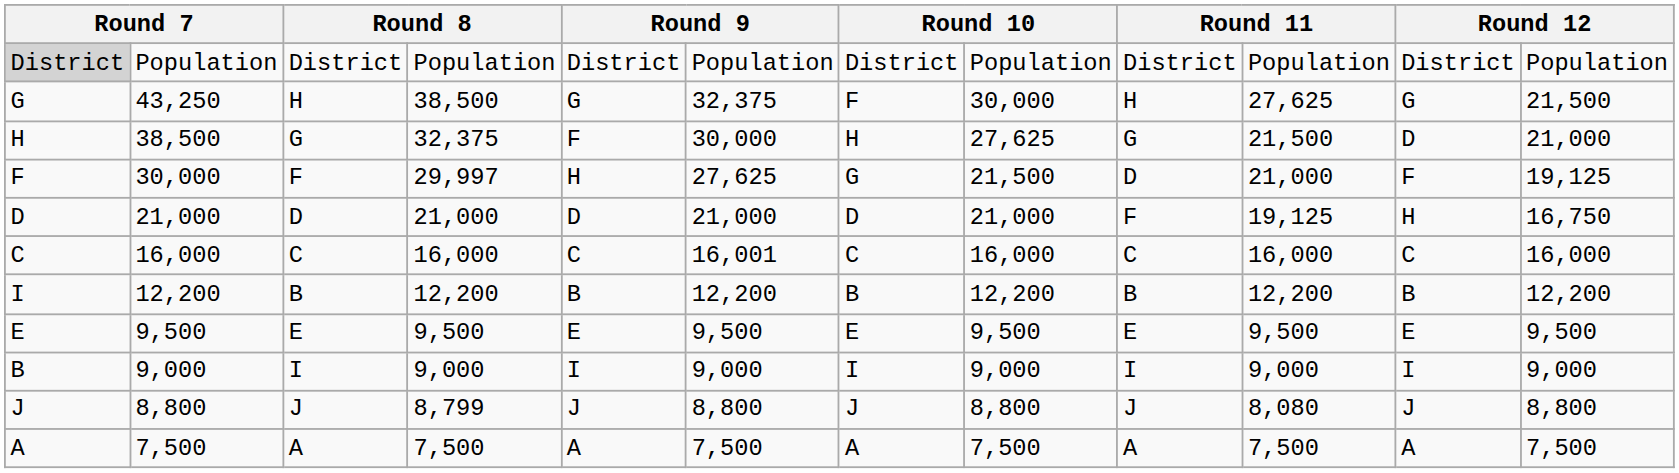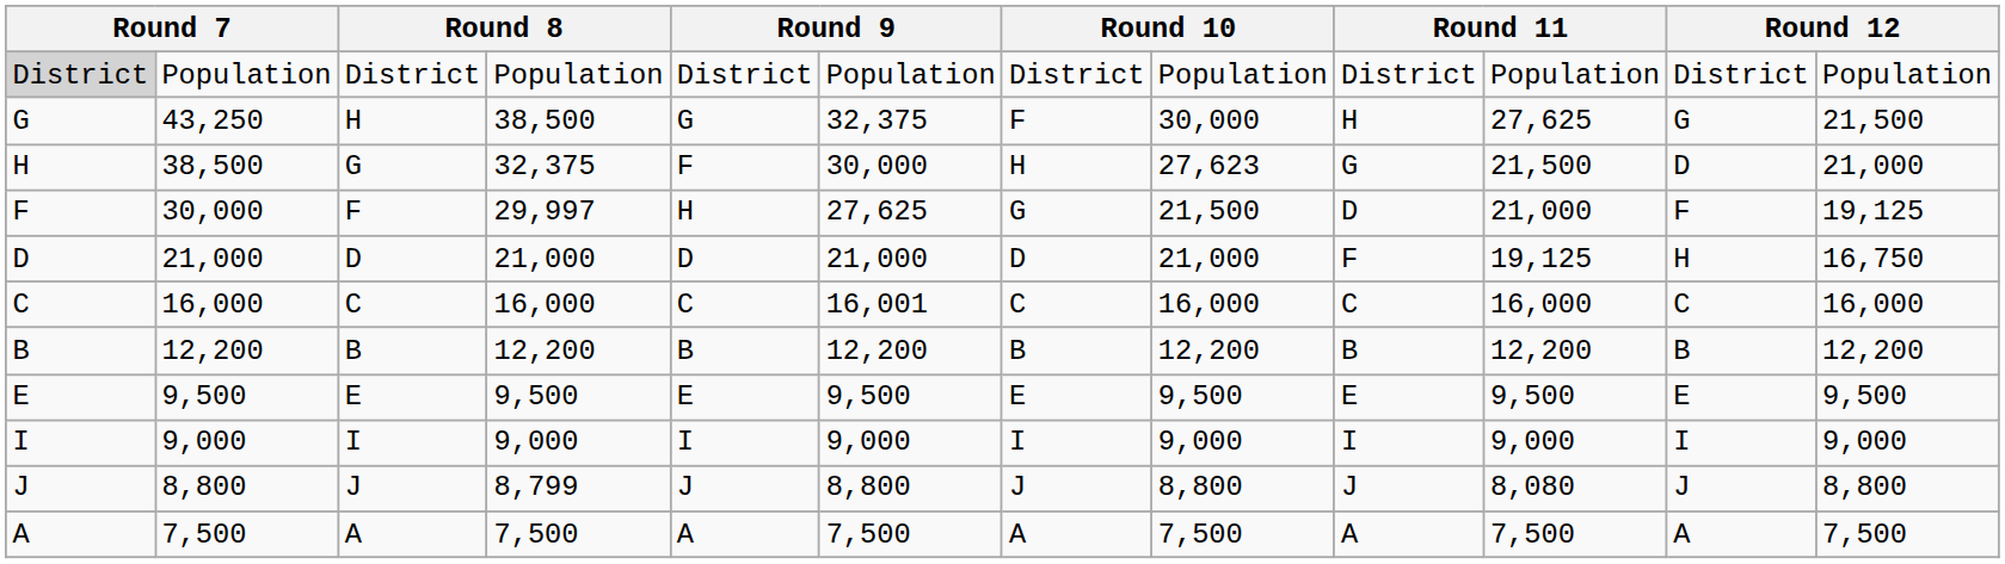 <table class="wikitable">
 <tr>
 <th colspan="2">Round 7</th>
 <th colspan="2">Round 8</th>
 <th colspan="2">Round 9</th>
 <th colspan="2">Round 10</th>
 <th colspan="2">Round 11</th>
 <th colspan="2">Round 12</th>
 </tr>
 <tr>
 <td style="background: lightgrey;">District</td>
 <td>Population</td>
 <td>District</td>
 <td>Population</td>
 <td>District</td>
 <td>Population</td>
 <td>District</td>
 <td>Population</td>
 <td>District</td>
 <td>Population</td>
 <td>District</td>
 <td>Population</td>
 </tr>
 <tr>
 <td>G</td>
 <td>43,250</td>
 <td>H</td>
 <td>38,500</td>
 <td>G</td>
 <td>32,375</td>
 <td>F</td>
 <td>30,000</td>
 <td>H</td>
 <td>27,625</td>
 <td>G</td>
 <td>21,500</td>
 </tr>
 <tr>
 <td>H</td>
 <td>38,500</td>
 <td>G</td>
 <td>32,375</td>
 <td>F</td>
 <td>30,000</td>
 <td>H</td>
-<td>27,625</td>
+<td>27,623</td>
 <td>G</td>
 <td>21,500</td>
 <td>D</td>
 <td>21,000</td>
 </tr>
 <tr>
 <td>F</td>
 <td>30,000</td>
 <td>F</td>
 <td>29,997</td>
 <td>H</td>
 <td>27,625</td>
 <td>G</td>
 <td>21,500</td>
 <td>D</td>
 <td>21,000</td>
 <td>F</td>
 <td>19,125</td>
 </tr>
 <tr>
 <td>D</td>
 <td>21,000</td>
 <td>D</td>
 <td>21,000</td>
 <td>D</td>
 <td>21,000</td>
 <td>D</td>
 <td>21,000</td>
 <td>F</td>
 <td>19,125</td>
 <td>H</td>
 <td>16,750</td>
 </tr>
 <tr>
 <td>C</td>
 <td>16,000</td>
 <td>C</td>
 <td>16,000</td>
 <td>C</td>
 <td>16,001</td>
 <td>C</td>
 <td>16,000</td>
 <td>C</td>
 <td>16,000</td>
 <td>C</td>
 <td>16,000</td>
 </tr>
 <tr>
-<td>I</td>
+<td>B</td>
 <td>12,200</td>
 <td>B</td>
 <td>12,200</td>
 <td>B</td>
 <td>12,200</td>
 <td>B</td>
 <td>12,200</td>
 <td>B</td>
 <td>12,200</td>
 <td>B</td>
 <td>12,200</td>
 </tr>
 <tr>
 <td>E</td>
 <td>9,500</td>
 <td>E</td>
 <td>9,500</td>
 <td>E</td>
 <td>9,500</td>
 <td>E</td>
 <td>9,500</td>
 <td>E</td>
 <td>9,500</td>
 <td>E</td>
 <td>9,500</td>
 </tr>
 <tr>
-<td>B</td>
+<td>I</td>
 <td>9,000</td>
 <td>I</td>
 <td>9,000</td>
 <td>I</td>
 <td>9,000</td>
 <td>I</td>
 <td>9,000</td>
 <td>I</td>
 <td>9,000</td>
 <td>I</td>
 <td>9,000</td>
 </tr>
 <tr>
 <td>J</td>
 <td>8,800</td>
 <td>J</td>
 <td>8,799</td>
 <td>J</td>
 <td>8,800</td>
 <td>J</td>
 <td>8,800</td>
 <td>J</td>
 <td>8,080</td>
 <td>J</td>
 <td>8,800</td>
 </tr>
 <tr>
 <td>A</td>
 <td>7,500</td>
 <td>A</td>
 <td>7,500</td>
 <td>A</td>
 <td>7,500</td>
 <td>A</td>
 <td>7,500</td>
 <td>A</td>
 <td>7,500</td>
 <td>A</td>
 <td>7,500</td>
 </tr>
 </table>
